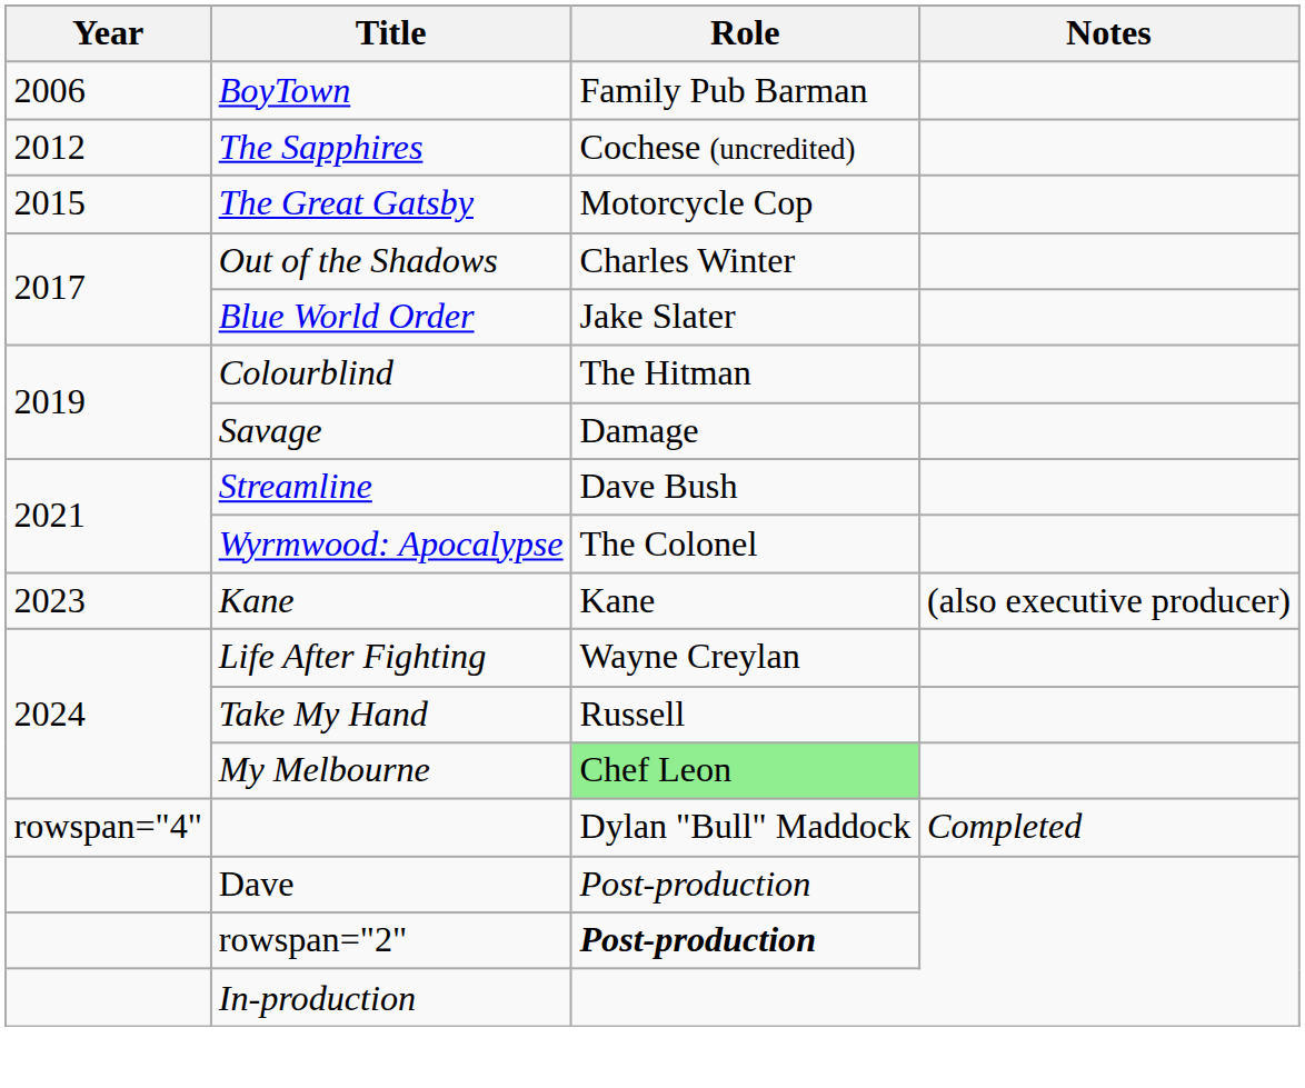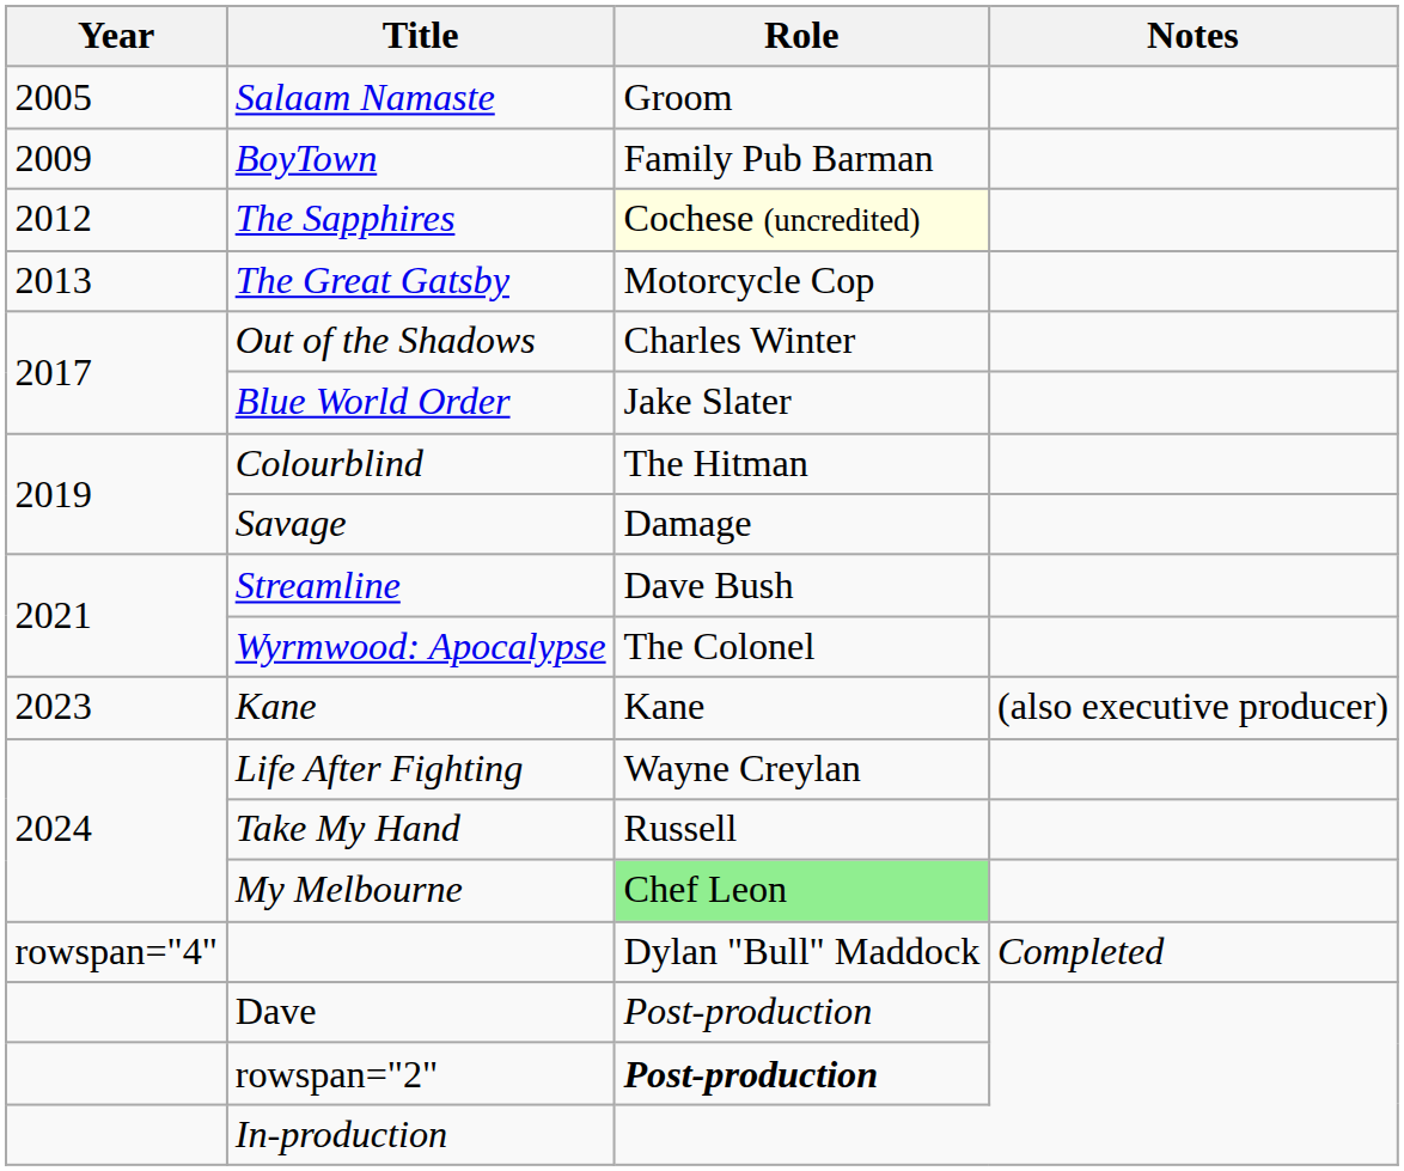 <table class="wikitable sortable">
 <tr>
 <th>Year</th>
 <th>Title</th>
 <th>Role</th>
 <th class="unsortable">Notes</th>
 </tr>
 <tr>
-<td>2006</td>
+<td>2005</td>
+<td><em><a href='#'>Salaam Namaste</a></em></td>
+<td>Groom</td>
+<td></td>
+</tr>
+<tr>
+<td>2009</td>
 <td><em><a href='#'>BoyTown</a></em></td>
 <td>Family Pub Barman</td>
 <td></td>
 </tr>
 <tr>
 <td>2012</td>
 <td><em><a href='#'>The Sapphires</a></em></td>
-<td>Cochese <small>(uncredited)</small></td>
+<td style="background: lightyellow;">Cochese <small>(uncredited)</small></td>
 <td></td>
 </tr>
 <tr>
-<td>2015</td>
+<td>2013</td>
 <td><em><a href='#'>The Great Gatsby</a></em></td>
 <td>Motorcycle Cop</td>
 <td></td>
 </tr>
 <tr>
 <td rowspan="2">2017</td>
 <td><em>Out of the Shadows</em></td>
 <td>Charles Winter</td>
 <td></td>
 </tr>
 <tr>
 <td><em><a href='#'>Blue World Order</a></em></td>
 <td>Jake Slater</td>
 <td></td>
 </tr>
 <tr>
 <td rowspan="2">2019</td>
 <td><em>Colourblind</em></td>
 <td>The Hitman</td>
 <td></td>
 </tr>
 <tr>
 <td><em>Savage</em></td>
 <td>Damage</td>
 <td></td>
 </tr>
 <tr>
 <td rowspan="2">2021</td>
 <td><em><a href='#'>Streamline</a></em></td>
 <td>Dave Bush</td>
 <td></td>
 </tr>
 <tr>
 <td><em><a href='#'>Wyrmwood: Apocalypse</a></em></td>
 <td>The Colonel</td>
 <td></td>
 </tr>
 <tr>
 <td>2023</td>
 <td><em>Kane</em></td>
 <td>Kane</td>
 <td>(also executive producer)</td>
 </tr>
 <tr>
 <td rowspan="3">2024</td>
 <td><em>Life After Fighting</em></td>
 <td>Wayne Creylan</td>
 <td></td>
 </tr>
 <tr>
 <td><em>Take My Hand</em></td>
 <td>Russell</td>
 <td></td>
 </tr>
 <tr>
 <td><em>My Melbourne</em></td>
 <td style="background: lightgreen;">Chef Leon</td>
 <td></td>
 </tr>
 <tr>
 <td>rowspan="4" </td>
 <td></td>
 <td>Dylan "Bull" Maddock</td>
 <td><em>Completed</em></td>
 </tr>
 <tr>
 <td></td>
 <td>Dave</td>
 <td><em>Post-production</em></td>
 </tr>
 <tr>
 <td></td>
 <td>rowspan="2" </td>
 <td><strong><em>Post-production</em></strong></td>
 </tr>
 <tr>
 <td></td>
 <td><em>In-production</em></td>
 </tr>
 </table>
